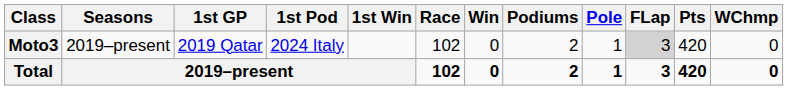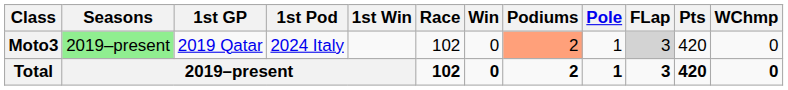 <table class="wikitable" style="text-align:right;">
 <tr>
 <th>Class</th>
 <th>Seasons</th>
 <th>1st GP</th>
 <th>1st Pod</th>
 <th>1st Win</th>
 <th>Race</th>
 <th>Win</th>
 <th>Podiums</th>
 <th><a href='#'>Pole</a></th>
 <th>FLap</th>
 <th>Pts</th>
 <th>WChmp</th>
 </tr>
 <tr>
 <th>Moto3</th>
-<td>2019–present</td>
+<td style="background: lightgreen;">2019–present</td>
 <td style="text-align:left;"><a href='#'>2019 Qatar</a></td>
 <td style="text-align:left;"><a href='#'>2024 Italy</a></td>
 <td style="text-align:left;"></td>
 <td>102</td>
 <td>0</td>
-<td>2</td>
+<td style="background: lightsalmon;">2</td>
 <td>1</td>
 <td style="background: lightgrey;">3</td>
 <td>420</td>
 <td>0</td>
 </tr>
 <tr>
 <th>Total</th>
 <th colspan="4">2019–present</th>
 <td><strong>102</strong></td>
 <td><strong>0</strong></td>
 <td><strong>2</strong></td>
 <td><strong>1</strong></td>
 <td><strong>3</strong></td>
 <td><strong>420</strong></td>
 <td><strong>0</strong></td>
 </tr>
 </table>
